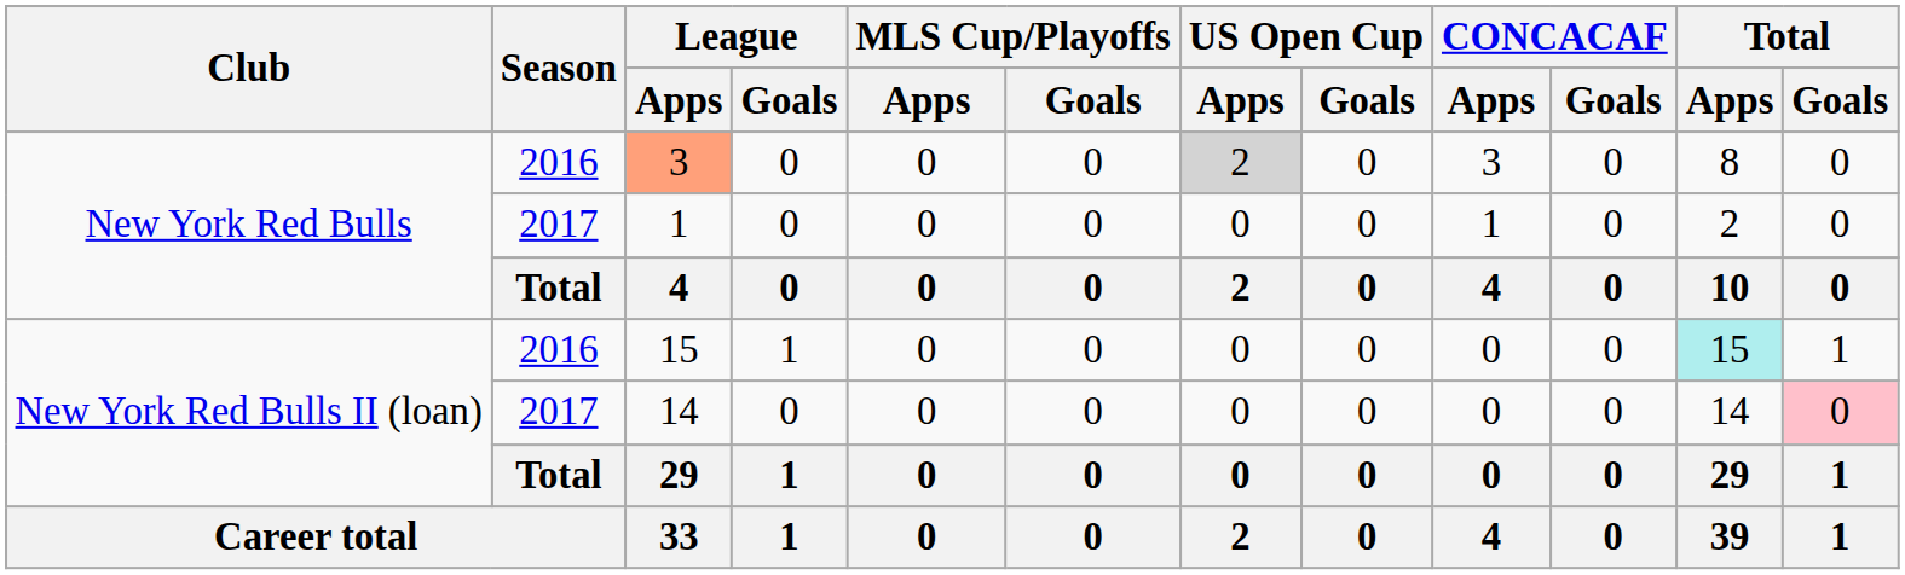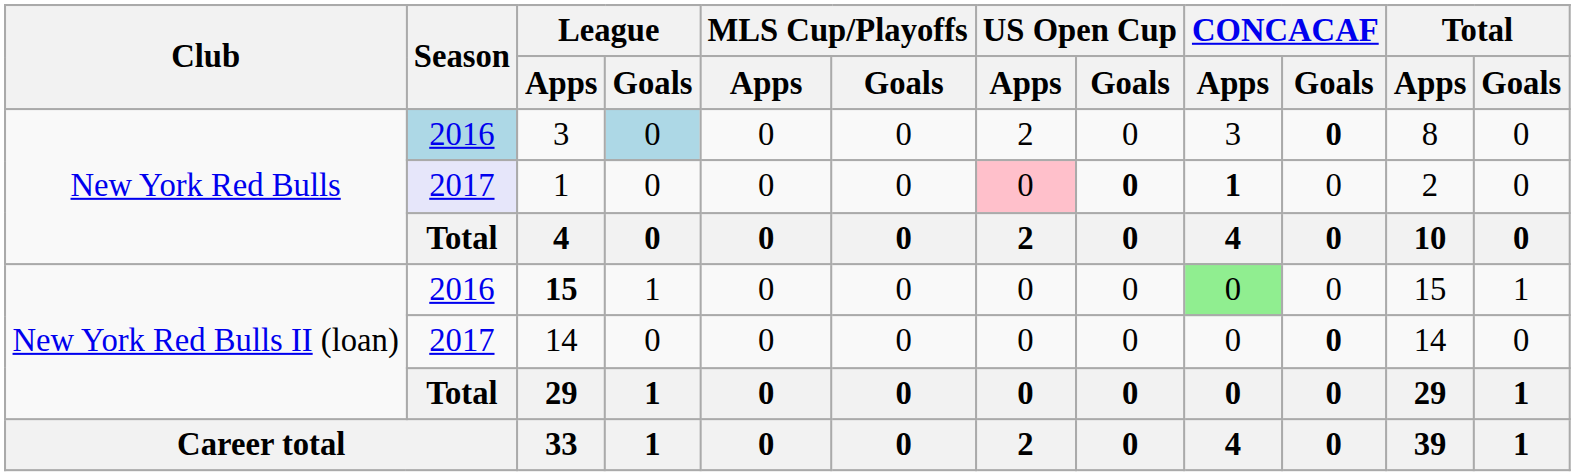 <table class="wikitable" style="text-align: center;">
 <tr>
 <th rowspan="2">Club</th>
 <th rowspan="2">Season</th>
 <th colspan="2">League</th>
 <th colspan="2">MLS Cup/Playoffs</th>
 <th colspan="2">US Open Cup</th>
 <th colspan="2"><a href='#'>CONCACAF</a></th>
 <th colspan="2">Total</th>
 </tr>
 <tr>
 <th>Apps</th>
 <th>Goals</th>
 <th>Apps</th>
 <th>Goals</th>
 <th>Apps</th>
 <th>Goals</th>
 <th>Apps</th>
 <th>Goals</th>
 <th>Apps</th>
 <th>Goals</th>
 </tr>
 <tr>
 <td rowspan="3"><a href='#'>New York Red Bulls</a></td>
-<td><a href='#'>2016</a></td>
-<td style="background: lightsalmon;">3</td>
+<td style="background: lightblue;"><a href='#'>2016</a></td>
+<td>3</td>
+<td style="background: lightblue;">0</td>
 <td>0</td>
 <td>0</td>
-<td>0</td>
-<td style="background: lightgrey;">2</td>
+<td>2</td>
 <td>0</td>
 <td>3</td>
-<td>0</td>
+<td><strong>0</strong></td>
 <td>8</td>
 <td>0</td>
 </tr>
 <tr>
-<td><a href='#'>2017</a></td>
+<td style="background: lavender;"><a href='#'>2017</a></td>
 <td>1</td>
 <td>0</td>
 <td>0</td>
 <td>0</td>
-<td>0</td>
-<td>0</td>
-<td>1</td>
+<td style="background: pink;">0</td>
+<td><strong>0</strong></td>
+<td><strong>1</strong></td>
 <td>0</td>
 <td>2</td>
 <td>0</td>
 </tr>
 <tr>
 <th>Total</th>
 <th>4</th>
 <th>0</th>
 <th>0</th>
 <th>0</th>
 <th>2</th>
 <th>0</th>
 <th>4</th>
 <th>0</th>
 <th>10</th>
 <th>0</th>
 </tr>
 <tr>
 <td rowspan="3"><a href='#'>New York Red Bulls II</a> (loan)</td>
 <td><a href='#'>2016</a></td>
-<td>15</td>
+<td><strong>15</strong></td>
 <td>1</td>
 <td>0</td>
 <td>0</td>
 <td>0</td>
 <td>0</td>
+<td style="background: lightgreen;">0</td>
 <td>0</td>
-<td>0</td>
-<td style="background: paleturquoise;">15</td>
+<td>15</td>
 <td>1</td>
 </tr>
 <tr>
 <td><a href='#'>2017</a></td>
 <td>14</td>
 <td>0</td>
 <td>0</td>
 <td>0</td>
 <td>0</td>
 <td>0</td>
 <td>0</td>
+<td><strong>0</strong></td>
+<td>14</td>
 <td>0</td>
-<td>14</td>
-<td style="background: pink;">0</td>
 </tr>
 <tr>
 <th>Total</th>
 <th>29</th>
 <th>1</th>
 <th>0</th>
 <th>0</th>
 <th>0</th>
 <th>0</th>
 <th>0</th>
 <th>0</th>
 <th>29</th>
 <th>1</th>
 </tr>
 <tr>
 <th colspan="2">Career total</th>
 <th>33</th>
 <th>1</th>
 <th>0</th>
 <th>0</th>
 <th>2</th>
 <th>0</th>
 <th>4</th>
 <th>0</th>
 <th>39</th>
 <th>1</th>
 </tr>
 </table>
